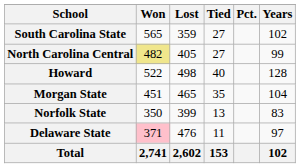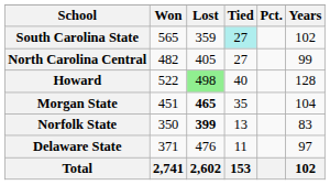 <table class="wikitable sortable plainrowheaders" style="text-align: center;">
 <tr>
 </tr>
 <tr>
 <th scope="col">School</th>
 <th scope="col">Won</th>
 <th scope="col">Lost</th>
 <th scope="col">Tied</th>
 <th scope="col">Pct.</th>
 <th scope="col">Years</th>
 </tr>
 <tr>
 <th scope="row">South Carolina State</th>
 <td>565</td>
 <td>359</td>
-<td>27</td>
+<td style="background: paleturquoise;">27</td>
 <td></td>
 <td>102</td>
 </tr>
 <tr>
 <th scope="row">North Carolina Central</th>
-<td style="background: khaki;">482</td>
+<td>482</td>
 <td>405</td>
 <td>27</td>
 <td></td>
 <td>99</td>
 </tr>
 <tr>
 <th scope="row">Howard</th>
 <td>522</td>
-<td>498</td>
+<td style="background: lightgreen;">498</td>
 <td>40</td>
 <td></td>
 <td>128</td>
 </tr>
 <tr>
 <th scope="row">Morgan State</th>
 <td>451</td>
-<td>465</td>
+<td><strong>465</strong></td>
 <td>35</td>
 <td></td>
 <td>104</td>
 </tr>
 <tr>
 <th scope="row">Norfolk State</th>
 <td>350</td>
-<td>399</td>
+<td><strong>399</strong></td>
 <td>13</td>
 <td></td>
 <td>83</td>
 </tr>
 <tr>
 <th scope="row">Delaware State</th>
-<td style="background: pink;">371</td>
+<td>371</td>
 <td>476</td>
 <td>11</td>
 <td></td>
 <td>97</td>
 </tr>
 <tr>
 <th scope="row" style="font-weight: bold;">Total</th>
 <th scope="col">2,741</th>
 <th scope="col">2,602</th>
 <th scope="col">153</th>
 <th scope="col"></th>
 <th scope="col">102</th>
 </tr>
 </table>
